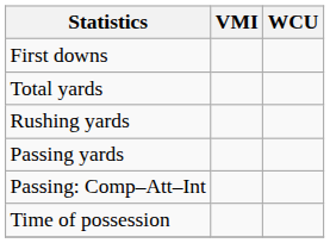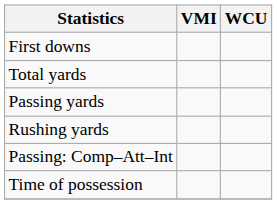 <table class="wikitable" style="float: left;">
 <tr>
 <th>Statistics</th>
 <th>VMI</th>
 <th>WCU</th>
 </tr>
 <tr>
 <td>First downs</td>
 <td></td>
 <td></td>
 </tr>
 <tr>
 <td>Total yards</td>
 <td></td>
 <td></td>
 </tr>
 <tr>
-<td>Rushing yards</td>
+<td>Passing yards</td>
 <td></td>
 <td></td>
 </tr>
 <tr>
-<td>Passing yards</td>
+<td>Rushing yards</td>
 <td></td>
 <td></td>
 </tr>
 <tr>
 <td>Passing: Comp–Att–Int</td>
 <td></td>
 <td></td>
 </tr>
 <tr>
 <td>Time of possession</td>
 <td></td>
 <td></td>
 </tr>
 <tr>
 </tr>
 </table>
